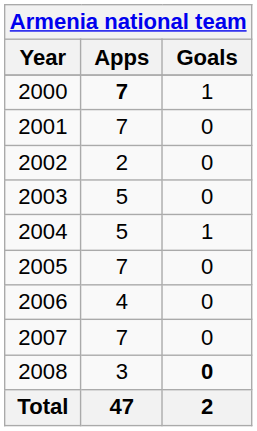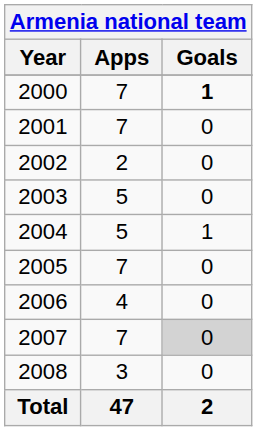 <table class="wikitable" style="text-align:center">
 <tr>
 <th colspan=3><a href='#'>Armenia national team</a></th>
 </tr>
 <tr>
 <th>Year</th>
 <th>Apps</th>
 <th>Goals</th>
 </tr>
 <tr>
 </tr>
 <tr>
 <td>2000</td>
-<td><strong>7</strong></td>
-<td>1</td>
+<td>7</td>
+<td><strong>1</strong></td>
 </tr>
 <tr>
 <td>2001</td>
 <td>7</td>
 <td>0</td>
 </tr>
 <tr>
 <td>2002</td>
 <td>2</td>
 <td>0</td>
 </tr>
 <tr>
 <td>2003</td>
 <td>5</td>
 <td>0</td>
 </tr>
 <tr>
 <td>2004</td>
 <td>5</td>
 <td>1</td>
 </tr>
 <tr>
 <td>2005</td>
 <td>7</td>
 <td>0</td>
 </tr>
 <tr>
 <td>2006</td>
 <td>4</td>
 <td>0</td>
 </tr>
 <tr>
 <td>2007</td>
 <td>7</td>
-<td>0</td>
+<td style="background: lightgrey;">0</td>
 </tr>
 <tr>
 <td>2008</td>
 <td>3</td>
-<td><strong>0</strong></td>
+<td>0</td>
 </tr>
 <tr>
 <th>Total</th>
 <th>47</th>
 <th>2</th>
 </tr>
 </table>
